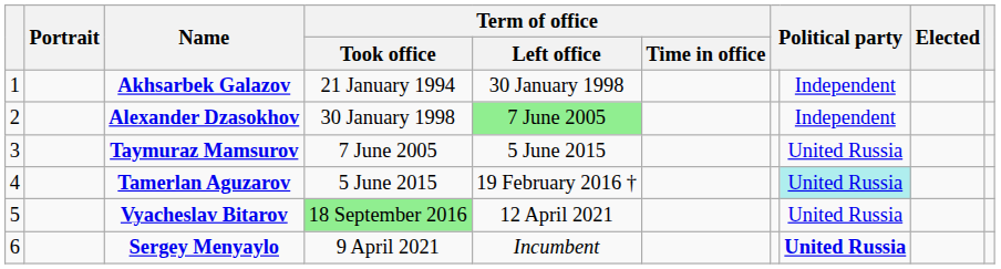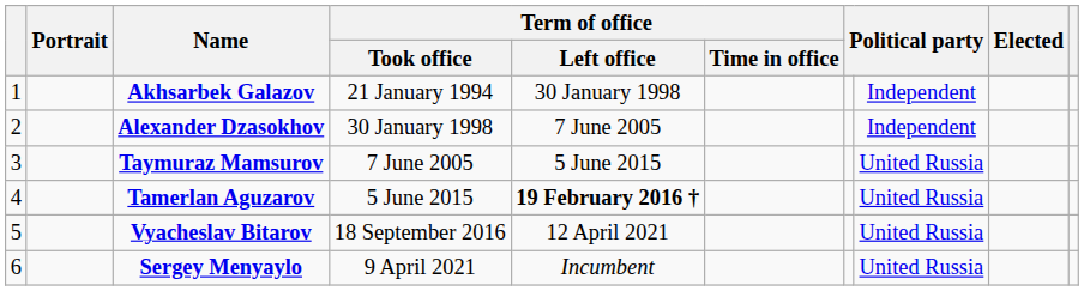 <table class="wikitable" style="text-align:center">
 <tr>
 <th rowspan=2></th>
 <th rowspan=2>Portrait</th>
 <th rowspan=2>Name<br></th>
 <th colspan=3>Term of office</th>
 <th colspan=2 rowspan=2>Political party</th>
 <th rowspan=2>Elected</th>
 <th rowspan=2></th>
 </tr>
 <tr>
 <th>Took office</th>
 <th>Left office</th>
 <th>Time in office</th>
 </tr>
 <tr>
 <td>1</td>
 <td></td>
 <td><strong><a href='#'>Akhsarbek Galazov</a></strong><br></td>
 <td>21 January 1994</td>
 <td>30 January 1998</td>
 <td></td>
 <td style="background:"></td>
 <td><a href='#'>Independent</a></td>
 <td></td>
 <td></td>
 </tr>
 <tr>
 <td>2</td>
 <td></td>
 <td><strong><a href='#'>Alexander Dzasokhov</a></strong><br></td>
 <td>30 January 1998</td>
-<td style="background: lightgreen;">7 June 2005</td>
+<td>7 June 2005</td>
 <td></td>
 <td style="background:"></td>
 <td><a href='#'>Independent</a></td>
 <td></td>
 <td></td>
 </tr>
 <tr>
 <td>3</td>
 <td></td>
 <td><strong><a href='#'>Taymuraz Mamsurov</a></strong><br></td>
 <td>7 June 2005</td>
 <td>5 June 2015</td>
 <td></td>
 <td style="background:"></td>
 <td><a href='#'>United Russia</a></td>
 <td></td>
 <td></td>
 </tr>
 <tr>
 <td>4</td>
 <td></td>
 <td><strong><a href='#'>Tamerlan Aguzarov</a></strong><br></td>
 <td>5 June 2015</td>
-<td>19 February 2016 †</td>
+<td><strong>19 February 2016 †</strong></td>
 <td></td>
 <td style="background:"></td>
-<td style="background: paleturquoise;"><a href='#'>United Russia</a></td>
+<td><a href='#'>United Russia</a></td>
 <td></td>
 <td></td>
 </tr>
 <tr>
 <td>5</td>
 <td></td>
 <td><strong><a href='#'>Vyacheslav Bitarov</a></strong><br></td>
-<td style="background: lightgreen;">18 September 2016</td>
+<td>18 September 2016</td>
 <td>12 April 2021</td>
 <td></td>
 <td style="background:"></td>
 <td><a href='#'>United Russia</a></td>
 <td></td>
 <td></td>
 </tr>
 <tr>
 <td>6</td>
 <td></td>
 <td><strong><a href='#'>Sergey Menyaylo</a></strong><br></td>
 <td>9 April 2021</td>
 <td><em>Incumbent</em></td>
 <td></td>
 <td style="background:"></td>
-<td><strong><a href='#'>United Russia</a></strong></td>
+<td><a href='#'>United Russia</a></td>
 <td></td>
 <td></td>
 </tr>
 </table>
